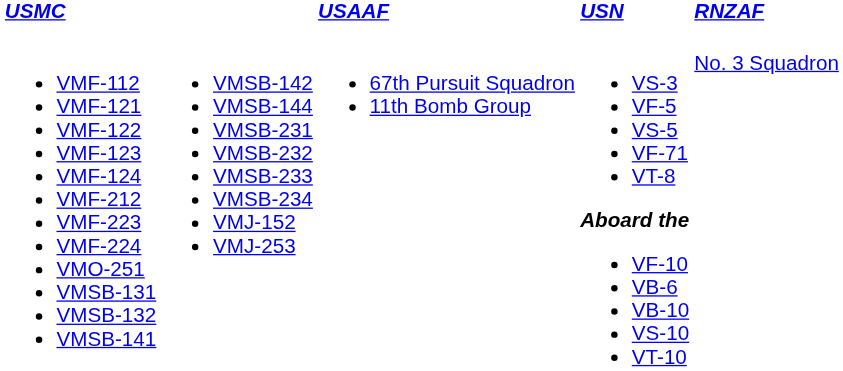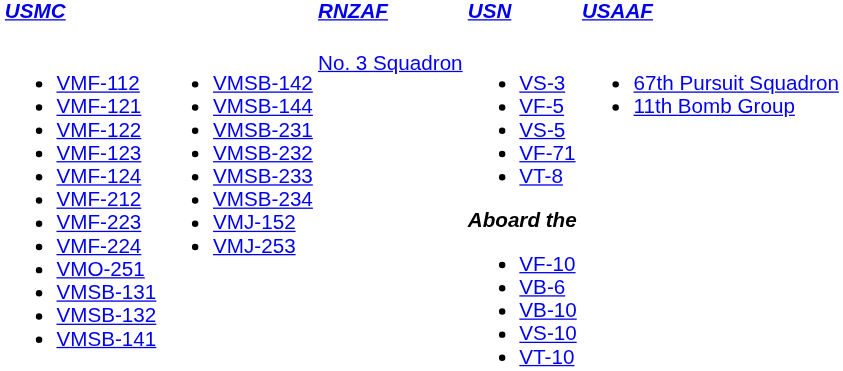 <table style="background: transparent; text-align:left; margin: 0; ">
 <tr>
 <th><em><a href='#'>USMC</a></em></th>
 <th></th>
+<th><em><a href='#'>RNZAF</a></em></th>
+<th><em><a href='#'>USN</a></em></th>
 <th><em><a href='#'>USAAF</a></em></th>
-<th><em><a href='#'>USN</a></em></th>
-<th><em><a href='#'>RNZAF</a></em></th>
 </tr>
 <tr>
 <td valign=top><br><ul><li><a href='#'>VMF-112</a></li><li><a href='#'>VMF-121</a></li><li><a href='#'>VMF-122</a></li><li><a href='#'>VMF-123</a></li><li><a href='#'>VMF-124</a></li><li><a href='#'>VMF-212</a></li><li><a href='#'>VMF-223</a></li><li><a href='#'>VMF-224</a></li><li><a href='#'>VMO-251</a></li><li><a href='#'>VMSB-131</a></li><li><a href='#'>VMSB-132</a></li><li><a href='#'>VMSB-141</a></li></ul></td>
 <td valign=top><br><ul><li><a href='#'>VMSB-142</a></li><li><a href='#'>VMSB-144</a></li><li><a href='#'>VMSB-231</a></li><li><a href='#'>VMSB-232</a></li><li><a href='#'>VMSB-233</a></li><li><a href='#'>VMSB-234</a></li><li><a href='#'>VMJ-152</a></li><li><a href='#'>VMJ-253</a></li></ul></td>
+<td valign=top><br><a href='#'>No. 3 Squadron</a></td>
+<td valign=top><br><ul><li><a href='#'>VS-3</a></li><li><a href='#'>VF-5</a></li><li><a href='#'>VS-5</a></li><li><a href='#'>VF-71</a></li><li><a href='#'>VT-8</a></li></ul><strong><em>Aboard the </em></strong><ul><li><a href='#'>VF-10</a></li><li><a href='#'>VB-6</a></li><li><a href='#'>VB-10</a></li><li><a href='#'>VS-10</a></li><li><a href='#'>VT-10</a></li></ul></td>
 <td valign=top><br><ul><li><a href='#'>67th Pursuit Squadron</a></li><li><a href='#'>11th Bomb Group</a></li></ul></td>
-<td valign=top><br><ul><li><a href='#'>VS-3</a></li><li><a href='#'>VF-5</a></li><li><a href='#'>VS-5</a></li><li><a href='#'>VF-71</a></li><li><a href='#'>VT-8</a></li></ul><strong><em>Aboard the </em></strong><ul><li><a href='#'>VF-10</a></li><li><a href='#'>VB-6</a></li><li><a href='#'>VB-10</a></li><li><a href='#'>VS-10</a></li><li><a href='#'>VT-10</a></li></ul></td>
-<td valign=top><br><a href='#'>No. 3 Squadron</a></td>
 </tr>
 </table>
